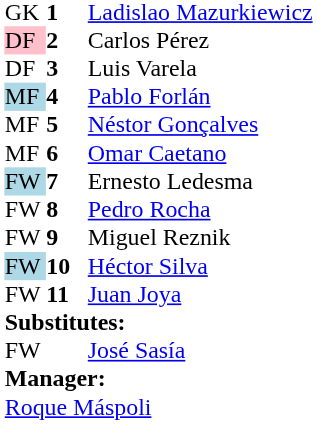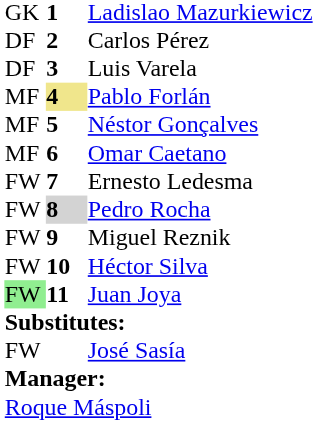 <table cellspacing="0" cellpadding="0" style="font-size:90%; margin:0.2em auto;">
 <tr>
 <th width="25"></th>
 <th width="25"></th>
 </tr>
 <tr>
 <td>GK</td>
 <td><strong>1</strong></td>
 <td> <a href='#'>Ladislao Mazurkiewicz</a></td>
 </tr>
 <tr>
-<td style="background: pink;">DF</td>
+<td>DF</td>
 <td><strong>2</strong></td>
 <td> Carlos Pérez</td>
 </tr>
 <tr>
 <td>DF</td>
 <td><strong>3</strong></td>
 <td> Luis Varela</td>
 </tr>
 <tr>
-<td style="background: lightblue;">MF</td>
-<td><strong>4</strong></td>
+<td>MF</td>
+<td style="background: khaki;"><strong>4</strong></td>
 <td> <a href='#'>Pablo Forlán</a></td>
 </tr>
 <tr>
 <td>MF</td>
 <td><strong>5</strong></td>
 <td> <a href='#'>Néstor Gonçalves</a></td>
 </tr>
 <tr>
 <td>MF</td>
 <td><strong>6</strong></td>
 <td> <a href='#'>Omar Caetano</a></td>
 </tr>
 <tr>
-<td style="background: lightblue;">FW</td>
+<td>FW</td>
 <td><strong>7</strong></td>
 <td> Ernesto Ledesma</td>
 </tr>
 <tr>
 <td>FW</td>
-<td><strong>8</strong></td>
+<td style="background: lightgrey;"><strong>8</strong></td>
 <td> <a href='#'>Pedro Rocha</a></td>
 </tr>
 <tr>
 <td>FW</td>
 <td><strong>9</strong></td>
 <td> Miguel Reznik</td>
 <td></td>
 <td></td>
 </tr>
 <tr>
-<td style="background: lightblue;">FW</td>
+<td>FW</td>
 <td><strong>10</strong></td>
 <td> <a href='#'>Héctor Silva</a></td>
 </tr>
 <tr>
-<td>FW</td>
+<td style="background: lightgreen;">FW</td>
 <td><strong>11</strong></td>
 <td> <a href='#'>Juan Joya</a></td>
 </tr>
 <tr>
 <td colspan=3><strong>Substitutes:</strong></td>
 </tr>
 <tr>
 <td>FW</td>
 <td></td>
 <td> <a href='#'>José Sasía</a></td>
 <td></td>
 <td></td>
 </tr>
 <tr>
 <td colspan=3><strong>Manager:</strong></td>
 </tr>
 <tr>
 <td colspan=4> <a href='#'>Roque Máspoli</a></td>
 </tr>
 </table>
